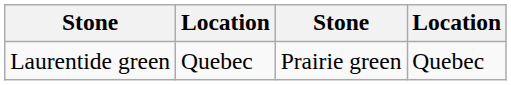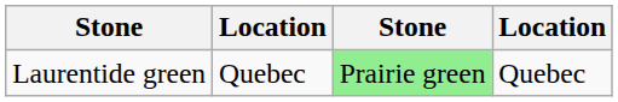 <table class="wikitable">
 <tr>
 <th>Stone</th>
 <th>Location</th>
 <th>Stone</th>
 <th>Location</th>
 </tr>
 <tr>
 <td>Laurentide green</td>
 <td>Quebec</td>
-<td>Prairie green</td>
+<td style="background: lightgreen;">Prairie green</td>
 <td>Quebec</td>
 </tr>
 </table>
